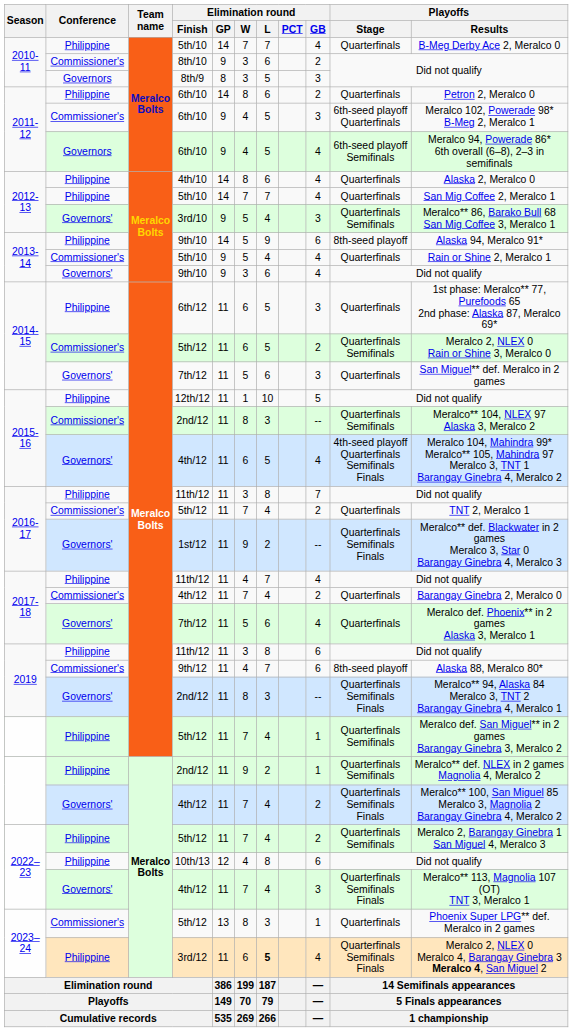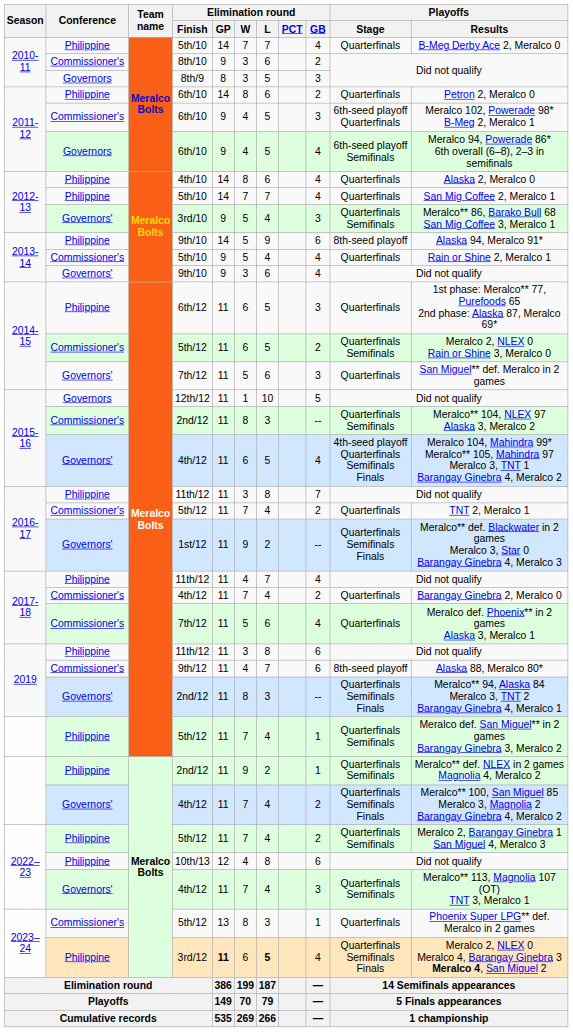 <table class=wikitable style="text-align:center;">
 <tr>
 <th width=50px rowspan=2>Season</th>
 <th width=120px rowspan=2>Conference</th>
 <th width=60px rowspan=2>Team name</th>
 <th colspan=6>Elimination round</th>
 <th colspan=2>Playoffs</th>
 </tr>
 <tr>
 <th width=50px>Finish</th>
 <th width=20px>GP</th>
 <th width=20px>W</th>
 <th width=20px>L</th>
 <th width=35px><a href='#'>PCT</a></th>
 <th width=30px><a href='#'>GB</a></th>
 <th width=120px>Stage</th>
 <th width=250px>Results</th>
 </tr>
 <tr>
 <td rowspan=3><a href='#'>2010-11</a></td>
 <td><a href='#'>Philippine</a></td>
 <td rowspan=6 style="background:#F95F17; color:#0D0DBF; "><span><strong>Meralco Bolts</strong></span></td>
 <td>5th/10</td>
 <td>14</td>
 <td>7</td>
 <td>7</td>
 <td></td>
 <td>4</td>
 <td>Quarterfinals</td>
 <td><a href='#'>B-Meg Derby Ace</a> 2, Meralco 0</td>
 </tr>
 <tr>
 <td><a href='#'>Commissioner's</a></td>
 <td>8th/10</td>
 <td>9</td>
 <td>3</td>
 <td>6</td>
 <td></td>
 <td>2</td>
 <td colspan=2 rowspan=2>Did not qualify</td>
 </tr>
 <tr>
 <td><a href='#'>Governors</a></td>
 <td>8th/9</td>
 <td>8</td>
 <td>3</td>
 <td>5</td>
 <td></td>
 <td>3</td>
 </tr>
 <tr>
 <td rowspan=3><a href='#'>2011-12</a></td>
 <td><a href='#'>Philippine</a></td>
 <td>6th/10</td>
 <td>14</td>
 <td>8</td>
 <td>6</td>
 <td></td>
 <td>2</td>
 <td>Quarterfinals</td>
 <td><a href='#'>Petron</a> 2, Meralco 0</td>
 </tr>
 <tr>
 <td><a href='#'>Commissioner's</a></td>
 <td>6th/10</td>
 <td>9</td>
 <td>4</td>
 <td>5</td>
 <td></td>
 <td>3</td>
 <td>6th-seed playoff<br>Quarterfinals</td>
 <td>Meralco 102, <a href='#'>Powerade</a> 98*<br><a href='#'>B-Meg</a> 2, Meralco 1</td>
 </tr>
 <tr bgcolor=#DDFFDD>
 <td><a href='#'>Governors</a></td>
 <td>6th/10</td>
 <td>9</td>
 <td>4</td>
 <td>5</td>
 <td></td>
 <td>4</td>
 <td>6th-seed playoff<br>Semifinals</td>
 <td>Meralco 94, <a href='#'>Powerade</a> 86*<br>6th overall (6–8), 2–3 in semifinals</td>
 </tr>
 <tr>
 <td rowspan=3><a href='#'>2012-13</a></td>
 <td><a href='#'>Philippine</a></td>
 <td rowspan=6 style="background:#F95F17; color:#FFD700; "><span><strong>Meralco Bolts</strong></span></td>
 <td>4th/10</td>
 <td>14</td>
 <td>8</td>
 <td>6</td>
 <td></td>
 <td>4</td>
 <td>Quarterfinals</td>
 <td><a href='#'>Alaska</a> 2, Meralco 0</td>
 </tr>
 <tr>
 <td><a href='#'>Philippine</a></td>
 <td>5th/10</td>
 <td>14</td>
 <td>7</td>
 <td>7</td>
 <td></td>
 <td>4</td>
 <td>Quarterfinals</td>
 <td><a href='#'>San Mig Coffee</a> 2, Meralco 1</td>
 </tr>
 <tr bgcolor=#DDFFDD>
 <td><a href='#'>Governors'</a></td>
 <td>3rd/10</td>
 <td>9</td>
 <td>5</td>
 <td>4</td>
 <td></td>
 <td>3</td>
 <td>Quarterfinals<br>Semifinals</td>
 <td>Meralco** 86, <a href='#'>Barako Bull</a> 68<br><a href='#'>San Mig Coffee</a> 3, Meralco 1</td>
 </tr>
 <tr>
 <td rowspan=3><a href='#'>2013-14</a></td>
 <td><a href='#'>Philippine</a></td>
 <td>9th/10</td>
 <td>14</td>
 <td>5</td>
 <td>9</td>
 <td></td>
 <td>6</td>
 <td>8th-seed playoff</td>
 <td><a href='#'>Alaska</a> 94, Meralco 91*</td>
 </tr>
 <tr>
 <td><a href='#'>Commissioner's</a></td>
 <td>5th/10</td>
 <td>9</td>
 <td>5</td>
 <td>4</td>
 <td></td>
 <td>4</td>
 <td>Quarterfinals</td>
 <td><a href='#'>Rain or Shine</a> 2, Meralco 1</td>
 </tr>
 <tr>
 <td><a href='#'>Governors'</a></td>
 <td>9th/10</td>
 <td>9</td>
 <td>3</td>
 <td>6</td>
 <td></td>
 <td>4</td>
 <td colspan=2>Did not qualify</td>
 </tr>
 <tr>
 <td rowspan=3><a href='#'>2014-15</a></td>
 <td><a href='#'>Philippine</a></td>
 <td rowspan=16 style="background:#F95F17; color:#FFFFFF; "><span><strong>Meralco Bolts</strong></span></td>
 <td>6th/12</td>
 <td>11</td>
 <td>6</td>
 <td>5</td>
 <td></td>
 <td>3</td>
 <td>Quarterfinals</td>
 <td>1st phase: Meralco** 77, <a href='#'>Purefoods</a> 65<br>2nd phase: <a href='#'>Alaska</a> 87, Meralco 69*</td>
 </tr>
 <tr bgcolor=#DDFFDD>
 <td><a href='#'>Commissioner's</a></td>
 <td>5th/12</td>
 <td>11</td>
 <td>6</td>
 <td>5</td>
 <td></td>
 <td>2</td>
 <td>Quarterfinals<br>Semifinals</td>
 <td>Meralco 2, <a href='#'>NLEX</a> 0<br><a href='#'>Rain or Shine</a> 3, Meralco 0</td>
 </tr>
 <tr>
 <td><a href='#'>Governors'</a></td>
 <td>7th/12</td>
 <td>11</td>
 <td>5</td>
 <td>6</td>
 <td></td>
 <td>3</td>
 <td>Quarterfinals</td>
 <td><a href='#'>San Miguel</a>** def. Meralco in 2 games</td>
 </tr>
 <tr>
 <td rowspan=3><a href='#'>2015-16</a></td>
-<td><a href='#'>Philippine</a></td>
+<td><a href='#'>Governors</a></td>
 <td>12th/12</td>
 <td>11</td>
 <td>1</td>
 <td>10</td>
 <td></td>
 <td>5</td>
 <td colspan=2>Did not qualify</td>
 </tr>
 <tr bgcolor=#DDFFDD>
 <td><a href='#'>Commissioner's</a></td>
 <td>2nd/12</td>
 <td>11</td>
 <td>8</td>
 <td>3</td>
 <td></td>
 <td>--</td>
 <td>Quarterfinals<br>Semifinals</td>
 <td>Meralco** 104, <a href='#'>NLEX</a> 97<br><a href='#'>Alaska</a> 3, Meralco 2</td>
 </tr>
 <tr bgcolor=#D0E7FF>
 <td><a href='#'>Governors'</a></td>
 <td>4th/12</td>
 <td>11</td>
 <td>6</td>
 <td>5</td>
 <td></td>
 <td>4</td>
 <td>4th-seed playoff<br>Quarterfinals<br>Semifinals<br>Finals</td>
 <td>Meralco 104, <a href='#'>Mahindra</a> 99*<br>Meralco** 105, <a href='#'>Mahindra</a> 97<br>Meralco 3, <a href='#'>TNT</a> 1<br><a href='#'>Barangay Ginebra</a> 4, Meralco 2</td>
 </tr>
 <tr>
 <td rowspan=3><a href='#'>2016-17</a></td>
 <td><a href='#'>Philippine</a></td>
 <td>11th/12</td>
 <td>11</td>
 <td>3</td>
 <td>8</td>
 <td></td>
 <td>7</td>
 <td colspan=2>Did not qualify</td>
 </tr>
 <tr>
 <td><a href='#'>Commissioner's</a></td>
 <td>5th/12</td>
 <td>11</td>
 <td>7</td>
 <td>4</td>
 <td></td>
 <td>2</td>
 <td>Quarterfinals</td>
 <td><a href='#'>TNT</a> 2, Meralco 1</td>
 </tr>
 <tr bgcolor=#D0E7FF>
 <td><a href='#'>Governors'</a></td>
 <td>1st/12</td>
 <td>11</td>
 <td>9</td>
 <td>2</td>
 <td></td>
 <td>--</td>
 <td>Quarterfinals<br>Semifinals<br>Finals</td>
 <td>Meralco** def. <a href='#'>Blackwater</a> in 2 games<br>Meralco 3, <a href='#'>Star</a> 0<br><a href='#'>Barangay Ginebra</a> 4, Meralco 3</td>
 </tr>
 <tr>
 <td rowspan=3><a href='#'>2017-18</a></td>
 <td><a href='#'>Philippine</a></td>
 <td>11th/12</td>
 <td>11</td>
 <td>4</td>
 <td>7</td>
 <td></td>
 <td>4</td>
 <td colspan=2>Did not qualify</td>
 </tr>
 <tr>
 <td><a href='#'>Commissioner's</a></td>
 <td>4th/12</td>
 <td>11</td>
 <td>7</td>
 <td>4</td>
 <td></td>
 <td>2</td>
 <td>Quarterfinals</td>
 <td><a href='#'>Barangay Ginebra</a> 2, Meralco 0</td>
 </tr>
 <tr bgcolor=#DDFFDD>
-<td><a href='#'>Governors'</a></td>
+<td><a href='#'>Commissioner's</a></td>
 <td>7th/12</td>
 <td>11</td>
 <td>5</td>
 <td>6</td>
 <td></td>
 <td>4</td>
 <td>Quarterfinals</td>
 <td>Meralco def. <a href='#'>Phoenix</a>** in 2 games<br><a href='#'>Alaska</a> 3, Meralco 1</td>
 </tr>
 <tr>
 <td rowspan=3><a href='#'>2019</a></td>
 <td><a href='#'>Philippine</a></td>
 <td>11th/12</td>
 <td>11</td>
 <td>3</td>
 <td>8</td>
 <td></td>
 <td>6</td>
 <td colspan=2>Did not qualify</td>
 </tr>
 <tr>
 <td><a href='#'>Commissioner's</a></td>
 <td>9th/12</td>
 <td>11</td>
 <td>4</td>
 <td>7</td>
 <td></td>
 <td>6</td>
 <td>8th-seed playoff</td>
 <td><a href='#'>Alaska</a> 88, Meralco 80*</td>
 </tr>
 <tr bgcolor=#D0E7FF>
 <td><a href='#'>Governors'</a></td>
 <td>2nd/12</td>
 <td>11</td>
 <td>8</td>
 <td>3</td>
 <td></td>
 <td>--</td>
 <td>Quarterfinals<br>Semifinals<br>Finals</td>
 <td>Meralco** 94, <a href='#'>Alaska</a> 84<br>Meralco 3, <a href='#'>TNT</a> 2<br><a href='#'>Barangay Ginebra</a> 4, Meralco 1</td>
 </tr>
 <tr bgcolor=#DDFFDD>
 <td bgcolor=#fefefe></td>
 <td><a href='#'>Philippine</a></td>
 <td>5th/12</td>
 <td>11</td>
 <td>7</td>
 <td>4</td>
 <td></td>
 <td>1</td>
 <td>Quarterfinals<br>Semifinals</td>
 <td>Meralco def. <a href='#'>San Miguel</a>** in 2 games<br><a href='#'>Barangay Ginebra</a> 3, Meralco 2</td>
 </tr>
 <tr bgcolor=#DDFFDD>
 <td bgcolor=#fefefe rowspan=2></td>
 <td><a href='#'>Philippine</a></td>
 <td rowspan=7><strong>Meralco Bolts</strong></td>
 <td>2nd/12</td>
 <td>11</td>
 <td>9</td>
 <td>2</td>
 <td></td>
 <td>1</td>
 <td>Quarterfinals<br>Semifinals</td>
 <td>Meralco** def. <a href='#'>NLEX</a> in 2 games<br><a href='#'>Magnolia</a> 4, Meralco 2</td>
 </tr>
 <tr bgcolor=#D0E7FF>
 <td><a href='#'>Governors'</a></td>
 <td>4th/12</td>
 <td>11</td>
 <td>7</td>
 <td>4</td>
 <td></td>
 <td>2</td>
 <td>Quarterfinals<br>Semifinals<br>Finals</td>
 <td>Meralco** 100, <a href='#'>San Miguel</a> 85<br>Meralco 3, <a href='#'>Magnolia</a> 2<br><a href='#'>Barangay Ginebra</a> 4, Meralco 2</td>
 </tr>
 <tr bgcolor=#DDFFDD>
 <td bgcolor=#fefefe rowspan=3><a href='#'>2022–23</a></td>
 <td><a href='#'>Philippine</a></td>
 <td>5th/12</td>
 <td>11</td>
 <td>7</td>
 <td>4</td>
 <td></td>
 <td>2</td>
 <td>Quarterfinals<br>Semifinals</td>
 <td>Meralco 2, <a href='#'>Barangay Ginebra</a> 1<br><a href='#'>San Miguel</a> 4, Meralco 3</td>
 </tr>
 <tr>
 <td><a href='#'>Philippine</a></td>
 <td>10th/13</td>
 <td>12</td>
 <td>4</td>
 <td>8</td>
 <td></td>
 <td>6</td>
 <td colspan=2>Did not qualify</td>
 </tr>
 <tr bgcolor=#DDFFDD>
 <td><a href='#'>Governors'</a></td>
 <td>4th/12</td>
 <td>11</td>
 <td>7</td>
 <td>4</td>
 <td></td>
 <td>3</td>
-<td>Quarterfinals<br>Semifinals<br>Finals</td>
+<td>Quarterfinals<br>Semifinals</td>
 <td>Meralco** 113, <a href='#'>Magnolia</a> 107 (OT)<br><a href='#'>TNT</a> 3, Meralco 1</td>
 </tr>
 <tr>
 <td bgcolor=#fefefe rowspan=2><a href='#'>2023–24</a></td>
 <td><a href='#'>Commissioner's</a></td>
 <td>5th/12</td>
 <td>13</td>
 <td>8</td>
 <td>3</td>
 <td></td>
 <td>1</td>
 <td>Quarterfinals</td>
 <td><a href='#'>Phoenix Super LPG</a>** def. Meralco in 2 games</td>
 </tr>
 <tr bgcolor=#FFE6BD>
 <td><a href='#'>Philippine</a></td>
 <td>3rd/12</td>
-<td>11</td>
+<td><strong>11</strong></td>
 <td>6</td>
 <td><strong>5</strong></td>
 <td></td>
 <td>4</td>
 <td>Quarterfinals<br>Semifinals<br>Finals</td>
 <td>Meralco 2, <a href='#'>NLEX</a> 0<br>Meralco 4, <a href='#'>Barangay Ginebra</a> 3<br><strong>Meralco 4</strong>, <a href='#'>San Miguel</a> 2</td>
 </tr>
 <tr>
 <th colspan=4>Elimination round</th>
 <th>386</th>
 <th>199</th>
 <th>187</th>
 <th></th>
 <th>—</th>
 <th colspan=3>14 Semifinals appearances</th>
 </tr>
 <tr>
 <th colspan=4>Playoffs</th>
 <th>149</th>
 <th>70</th>
 <th>79</th>
 <th></th>
 <th>—</th>
 <th colspan=3>5 Finals appearances</th>
 </tr>
 <tr>
 <th colspan=4>Cumulative records</th>
 <th>535</th>
 <th>269</th>
 <th>266</th>
 <th></th>
 <th>—</th>
 <th colspan=3>1 championship</th>
 </tr>
 </table>
